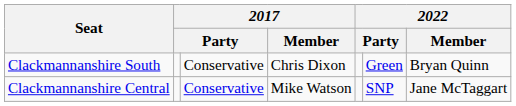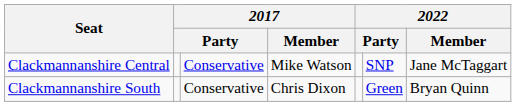 <table class="wikitable">
 <tr>
 <th scope="col" rowspan="2" style="text-align:center">Seat</th>
 <th scope="col" colspan="3" style="text-align:center"><em>2017</em></th>
 <th scope="col" colspan="3" style="text-align:center"><em>2022</em></th>
 </tr>
 <tr>
 <th colspan="2" style="text-align:center">Party</th>
 <th style="text-align:center">Member</th>
 <th colspan="2" style="text-align:center">Party</th>
 <th style="text-align:center">Member</th>
 </tr>
 <tr>
+<td scope="row"><a href='#'>Clackmannanshire Central</a></td>
+<td></td>
+<td><a href='#'>Conservative</a></td>
+<td>Mike Watson</td>
+<td></td>
+<td><a href='#'>SNP</a></td>
+<td>Jane McTaggart</td>
+</tr>
+<tr>
 <td scope="row"><a href='#'>Clackmannanshire South</a></td>
 <td></td>
 <td>Conservative</td>
 <td>Chris Dixon</td>
 <td></td>
 <td><a href='#'>Green</a></td>
 <td>Bryan Quinn</td>
 </tr>
-<tr>
-<td scope="row"><a href='#'>Clackmannanshire Central</a></td>
-<td></td>
-<td><a href='#'>Conservative</a></td>
-<td>Mike Watson</td>
-<td></td>
-<td><a href='#'>SNP</a></td>
-<td>Jane McTaggart</td>
-</tr>
 </table>
